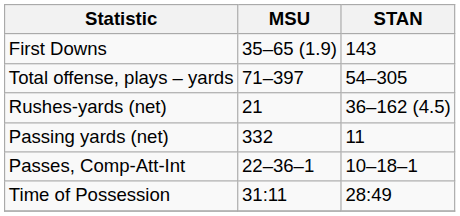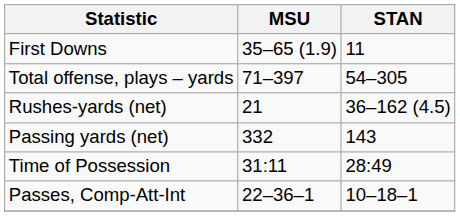 <table class="wikitable">
 <tr>
 <th>Statistic</th>
 <th><strong>MSU</strong></th>
 <th><strong>STAN</strong></th>
 </tr>
 <tr>
 <td>First Downs</td>
 <td>35–65 (1.9)</td>
-<td>143</td>
+<td>11</td>
 </tr>
 <tr>
 <td>Total offense, plays – yards</td>
 <td>71–397</td>
 <td>54–305</td>
 </tr>
 <tr>
 <td>Rushes-yards (net)</td>
 <td>21</td>
 <td>36–162 (4.5)</td>
 </tr>
 <tr>
 <td>Passing yards (net)</td>
 <td>332</td>
-<td>11</td>
+<td>143</td>
+</tr>
+<tr>
+<td>Time of Possession</td>
+<td>31:11</td>
+<td>28:49</td>
 </tr>
 <tr>
 <td>Passes, Comp-Att-Int</td>
 <td>22–36–1</td>
 <td>10–18–1</td>
 </tr>
 <tr>
-<td>Time of Possession</td>
-<td>31:11</td>
-<td>28:49</td>
-</tr>
-<tr>
 </tr>
 </table>
